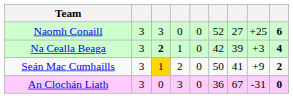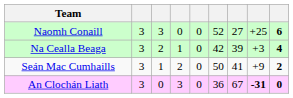 <table class="wikitable" style="text-align:center">
 <tr>
 <th style="width:175px;">Team</th>
 <th width="20"></th>
 <th width="20"></th>
 <th width="20"></th>
 <th width="20"></th>
 <th width="20"></th>
 <th width="20"></th>
 <th width="20"></th>
 <th width="20"></th>
 </tr>
 <tr style="background:#cfc;">
 <td><a href='#'>Naomh Conaill</a></td>
 <td>3</td>
 <td>3</td>
 <td>0</td>
 <td>0</td>
 <td>52</td>
 <td>27</td>
 <td>+25</td>
 <td><strong>6</strong></td>
 </tr>
 <tr style="background:#cfc;">
 <td><a href='#'>Na Cealla Beaga</a></td>
 <td>3</td>
-<td><strong>2</strong></td>
+<td>2</td>
 <td>1</td>
 <td>0</td>
 <td>42</td>
 <td>39</td>
 <td>+3</td>
 <td><strong>4</strong></td>
 </tr>
 <tr>
 <td><a href='#'>Seán Mac Cumhaills</a></td>
 <td>3</td>
-<td style="background: gold;">1</td>
+<td>1</td>
 <td>2</td>
 <td>0</td>
 <td>50</td>
 <td>41</td>
 <td>+9</td>
 <td><strong>2</strong></td>
 </tr>
 <tr style="background:#fcf;">
 <td><a href='#'>An Clochán Liath</a></td>
 <td>3</td>
 <td>0</td>
 <td>3</td>
 <td>0</td>
 <td>36</td>
 <td>67</td>
-<td>-31</td>
+<td><strong>-31</strong></td>
 <td><strong>0</strong></td>
 </tr>
 </table>
